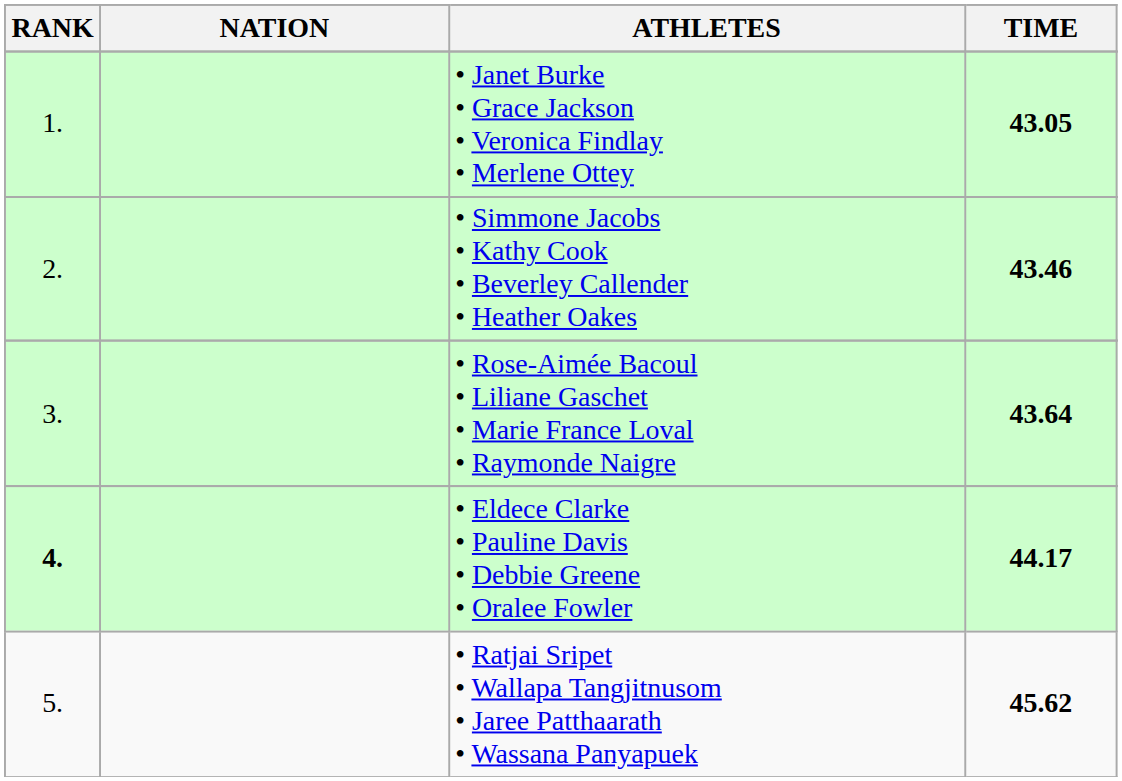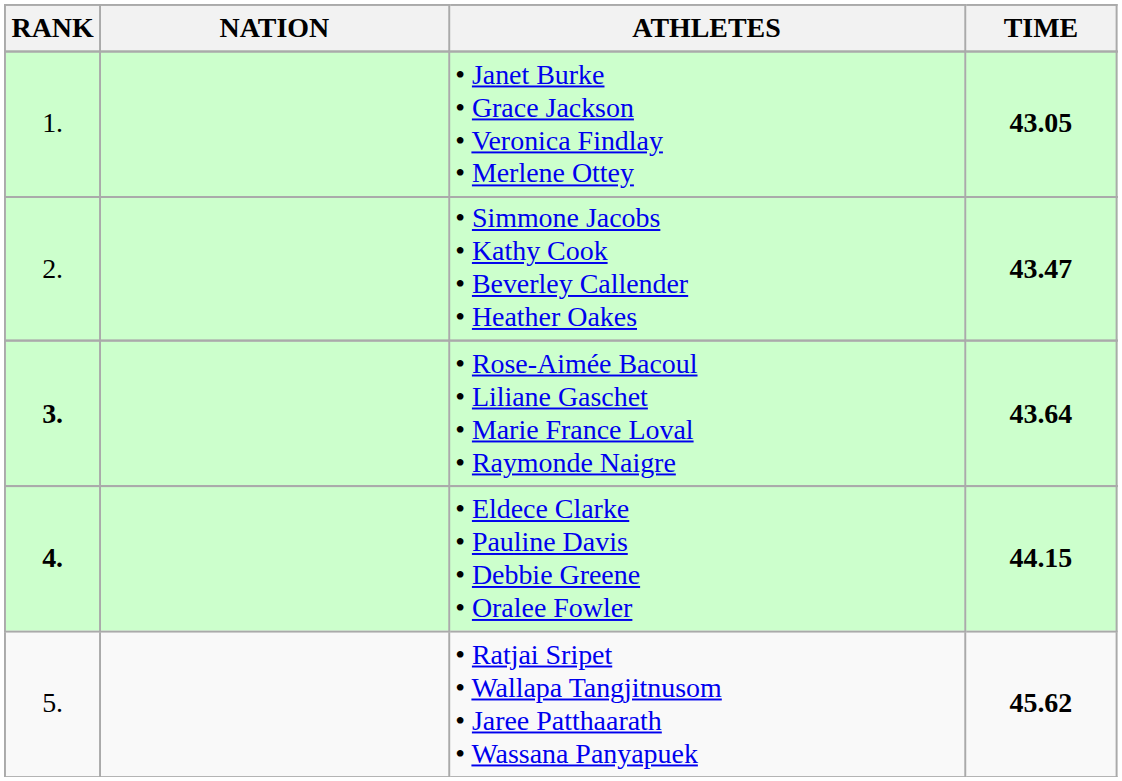 <table class="wikitable" style="border-collapse: collapse; font-size: 90%;">
 <tr>
 <th>RANK</th>
 <th style="width: 12em">NATION</th>
 <th style="width: 18em">ATHLETES</th>
 <th style="width: 5em">TIME</th>
 </tr>
 <tr>
 </tr>
 <tr style="background:#ccffcc;">
 <td align="center">1.</td>
 <td align="center"></td>
 <td>• <a href='#'>Janet Burke</a><br>• <a href='#'>Grace Jackson</a><br>• <a href='#'>Veronica Findlay</a><br>• <a href='#'>Merlene Ottey</a></td>
 <td align="center"><strong>43.05</strong></td>
 </tr>
 <tr>
 </tr>
 <tr style="background:#ccffcc;">
 <td align="center">2.</td>
 <td align="center"></td>
 <td>• <a href='#'>Simmone Jacobs</a><br>• <a href='#'>Kathy Cook</a><br>• <a href='#'>Beverley Callender</a><br>• <a href='#'>Heather Oakes</a></td>
-<td align="center"><strong>43.46</strong></td>
+<td align="center"><strong>43.47</strong></td>
 </tr>
 <tr>
 </tr>
 <tr style="background:#ccffcc;">
-<td align="center">3.</td>
+<td align="center"><strong>3.</strong></td>
 <td align="center"></td>
 <td>• <a href='#'>Rose-Aimée Bacoul</a><br>• <a href='#'>Liliane Gaschet</a><br>• <a href='#'>Marie France Loval</a><br>• <a href='#'>Raymonde Naigre</a></td>
 <td align="center"><strong>43.64</strong></td>
 </tr>
 <tr>
 </tr>
 <tr style="background:#ccffcc;">
 <td align="center"><strong>4.</strong></td>
 <td align="center"></td>
 <td>• <a href='#'>Eldece Clarke</a><br>• <a href='#'>Pauline Davis</a><br>• <a href='#'>Debbie Greene</a><br>• <a href='#'>Oralee Fowler</a></td>
-<td align="center"><strong>44.17</strong></td>
+<td align="center"><strong>44.15</strong></td>
 </tr>
 <tr>
 <td align="center">5.</td>
 <td align="center"></td>
 <td>• <a href='#'>Ratjai Sripet</a><br>• <a href='#'>Wallapa Tangjitnusom</a><br>• <a href='#'>Jaree Patthaarath</a><br>• <a href='#'>Wassana Panyapuek</a></td>
 <td align="center"><strong>45.62</strong></td>
 </tr>
 </table>
